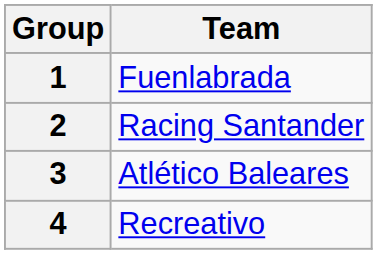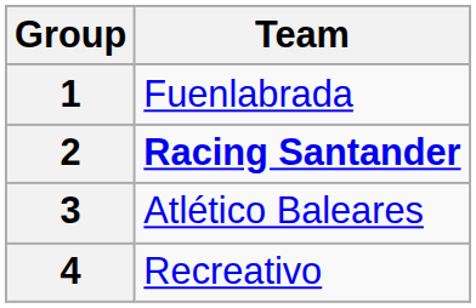 <table class="wikitable">
 <tr>
 <th>Group</th>
 <th>Team</th>
 </tr>
 <tr>
 <th>1</th>
 <td><a href='#'>Fuenlabrada</a></td>
 </tr>
 <tr>
 <th>2</th>
-<td><a href='#'>Racing Santander</a></td>
+<td><strong><a href='#'>Racing Santander</a></strong></td>
 </tr>
 <tr>
 <th>3</th>
 <td><a href='#'>Atlético Baleares</a></td>
 </tr>
 <tr>
 <th>4</th>
 <td><a href='#'>Recreativo</a></td>
 </tr>
 </table>
